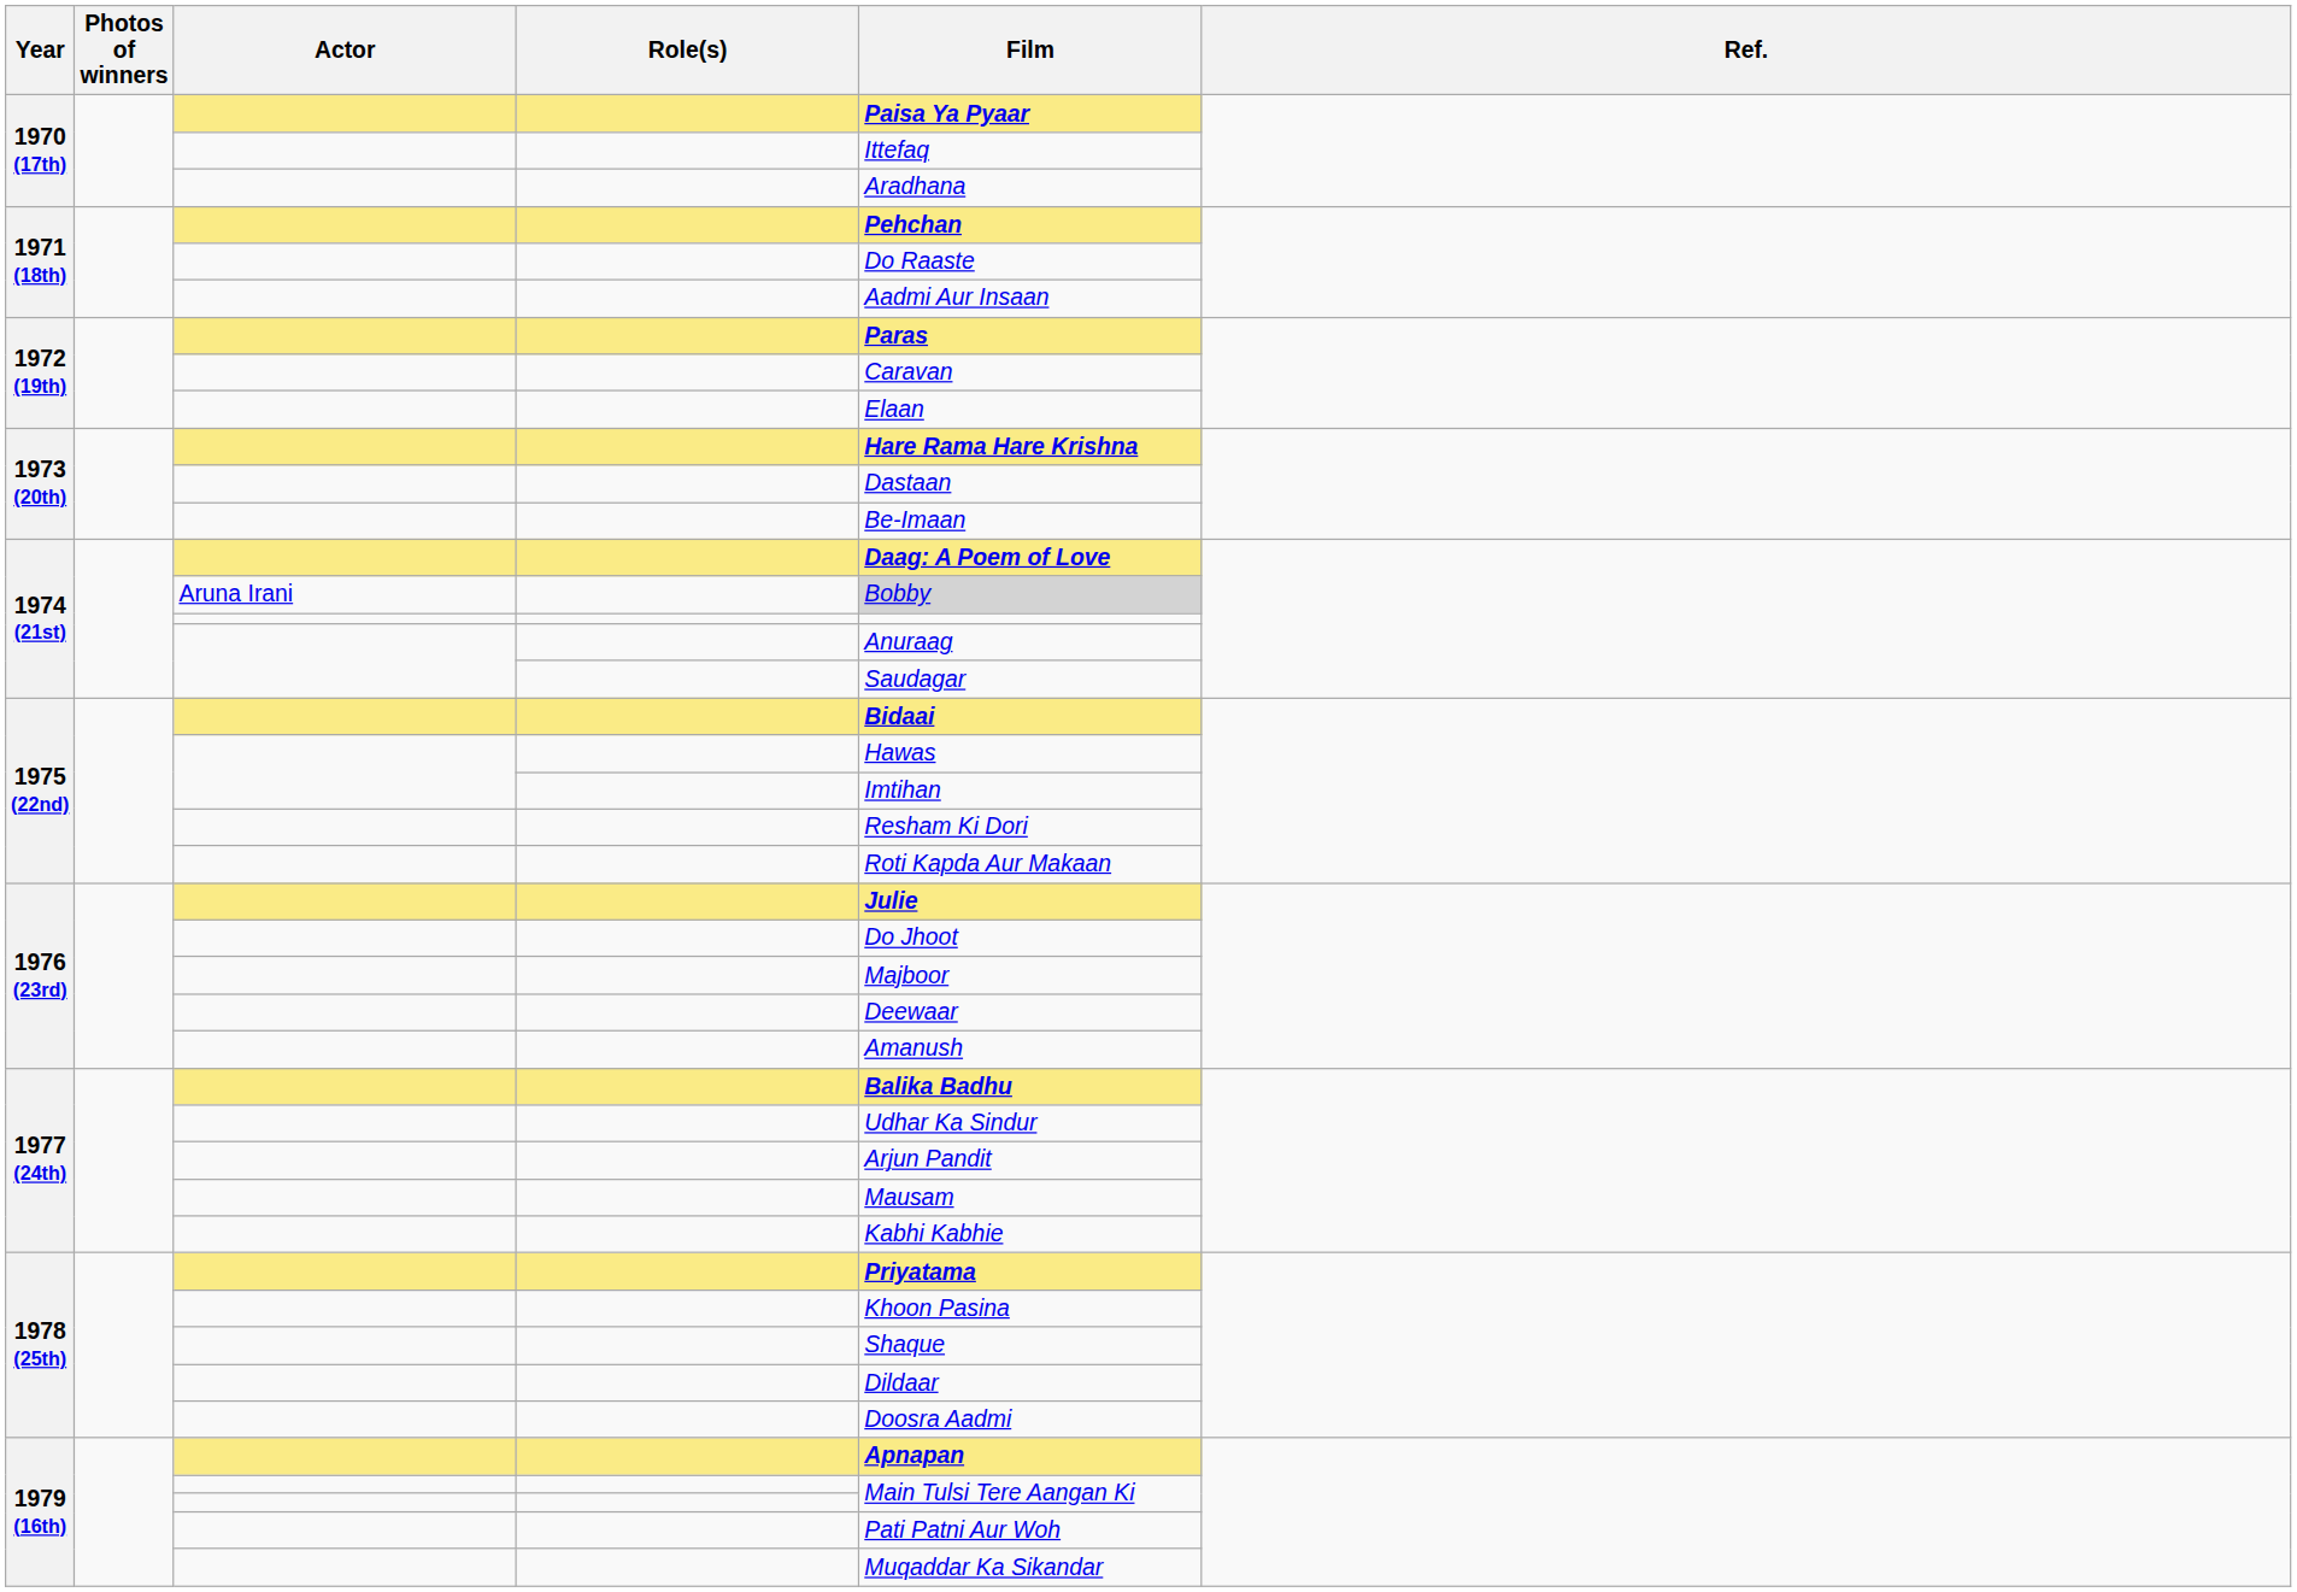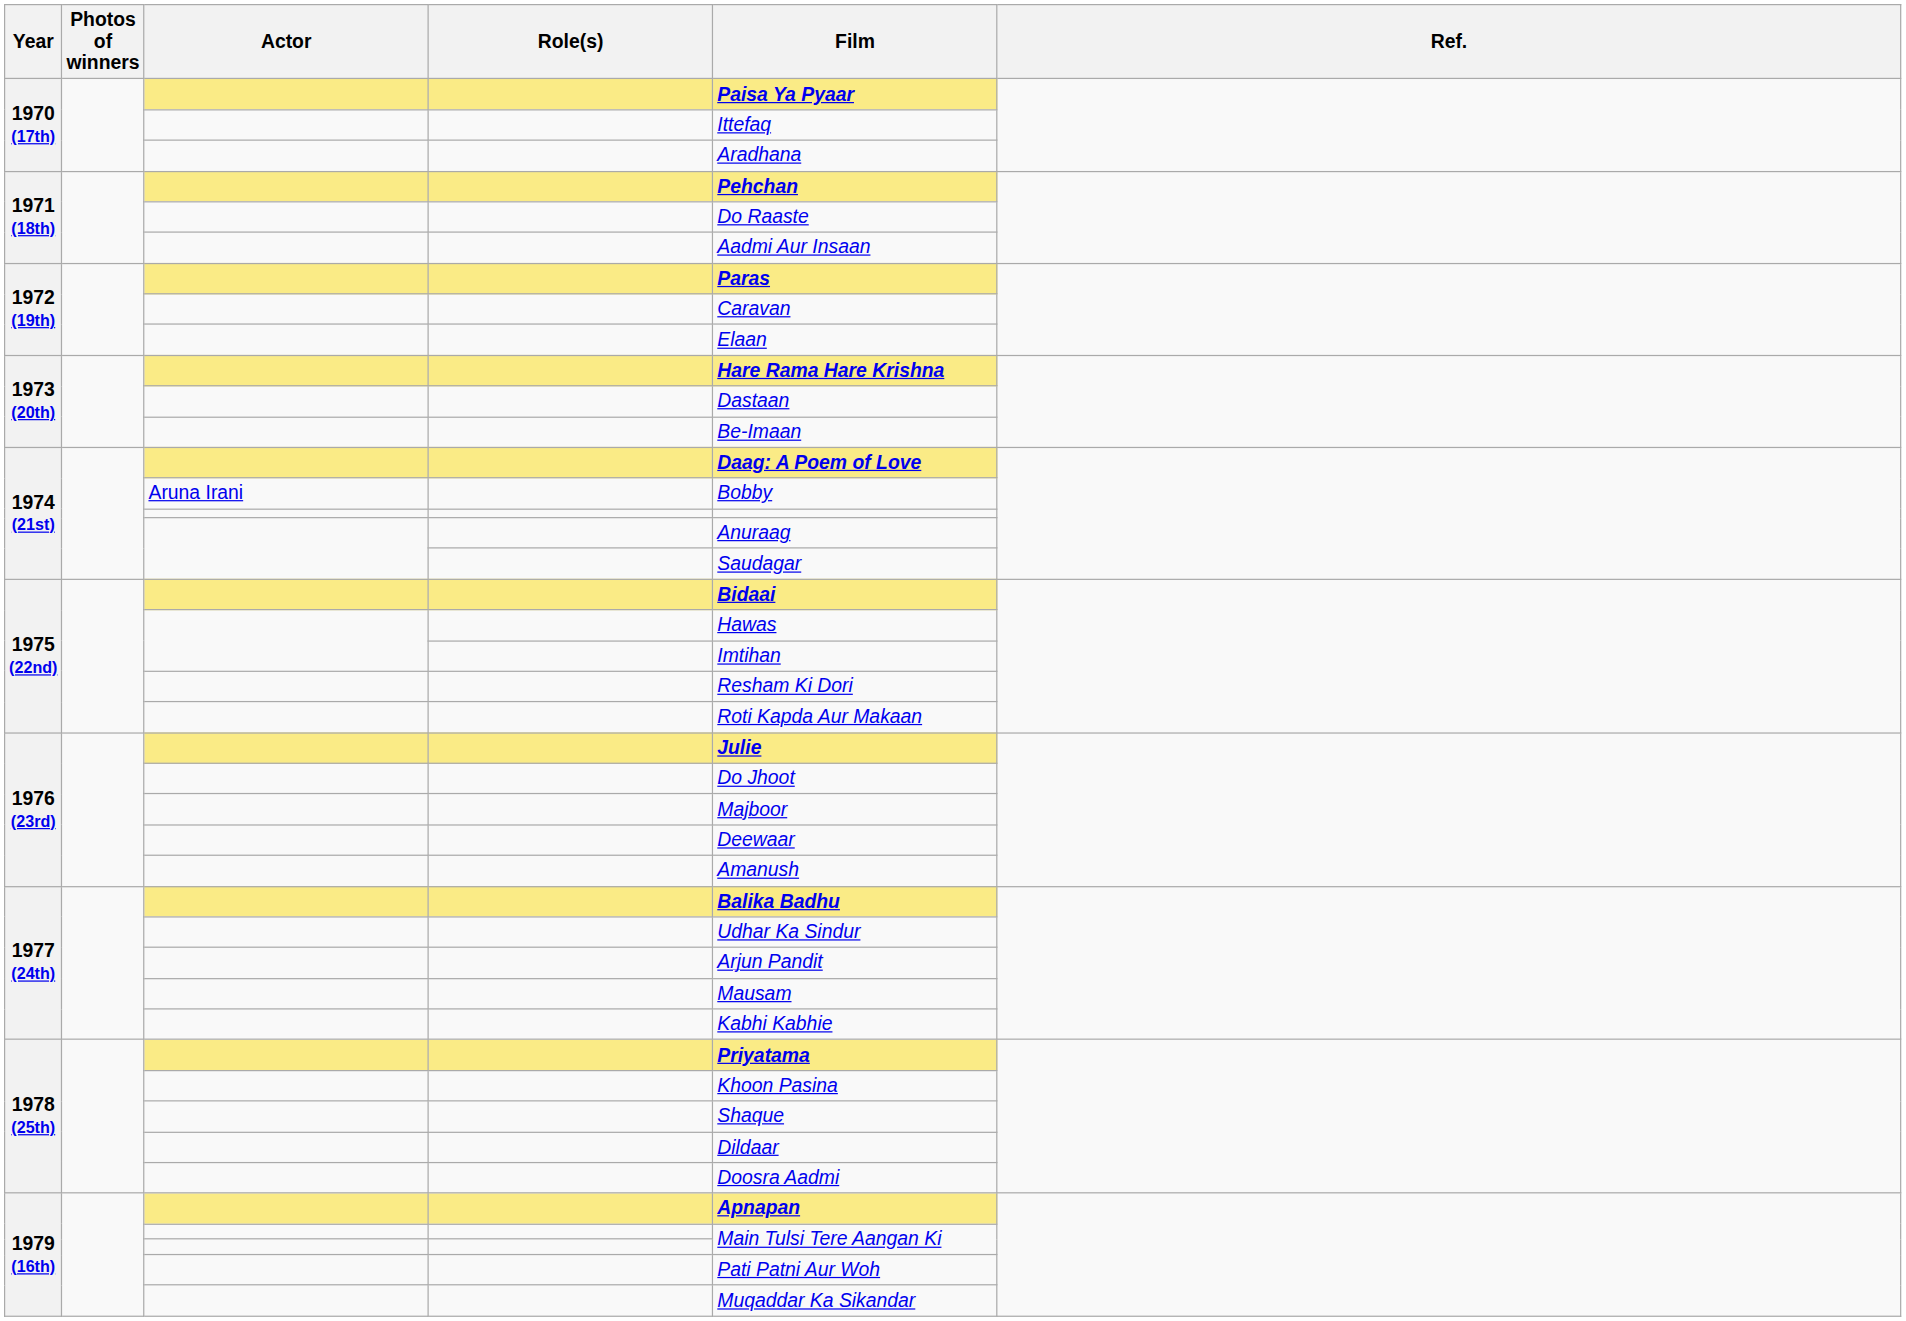 <table class="wikitable sortable" style="text-align:left;">
 <tr>
 <th scope="col" style="width:3%; text-align:center;">Year</th>
 <th scope="col" style="width:3%;text-align:center;">Photos of winners</th>
 <th scope="col" style="width:15%;text-align:center;">Actor</th>
 <th scope="col" style="width:15%;text-align:center;">Role(s)</th>
 <th scope="col" style="width:15%;text-align:center;">Film</th>
 <th>Ref.</th>
 </tr>
 <tr>
 <th scope="row" rowspan=3 style="text-align:center">1970 <br><small><a href='#'>(17th)</a> </small></th>
 <td rowspan=3 style="text-align:center"></td>
 <td style="background:#FAEB86;"><strong></strong> </td>
 <td style="background:#FAEB86;"><strong></strong></td>
 <td style="background:#FAEB86;"><strong><em><a href='#'>Paisa Ya Pyaar</a></em></strong></td>
 <td rowspan="3"></td>
 </tr>
 <tr>
 <td></td>
 <td></td>
 <td><em><a href='#'>Ittefaq</a></em></td>
 </tr>
 <tr>
 <td></td>
 <td></td>
 <td><em><a href='#'>Aradhana</a></em></td>
 </tr>
 <tr>
 <th scope="row" rowspan=3 style="text-align:center">1971 <br><small><a href='#'>(18th)</a> </small></th>
 <td rowspan=3 style="text-align:center"></td>
 <td style="background:#FAEB86;"><strong></strong> </td>
 <td style="background:#FAEB86;"><strong></strong></td>
 <td style="background:#FAEB86;"><strong><em><a href='#'>Pehchan</a></em></strong></td>
 <td rowspan="3"></td>
 </tr>
 <tr>
 <td></td>
 <td></td>
 <td><em><a href='#'>Do Raaste</a></em></td>
 </tr>
 <tr>
 <td></td>
 <td></td>
 <td><em><a href='#'>Aadmi Aur Insaan</a></em></td>
 </tr>
 <tr>
 <th scope="row" rowspan=3 style="text-align:center">1972<br><small><a href='#'>(19th)</a></small></th>
 <td rowspan=3 style="text-align:center"></td>
 <td style="background:#FAEB86;"><strong></strong> </td>
 <td style="background:#FAEB86;"><strong></strong></td>
 <td style="background:#FAEB86;"><strong><em><a href='#'>Paras</a></em></strong></td>
 <td rowspan="3"></td>
 </tr>
 <tr>
 <td></td>
 <td></td>
 <td><em><a href='#'>Caravan</a></em></td>
 </tr>
 <tr>
 <td></td>
 <td></td>
 <td><em><a href='#'>Elaan</a></em></td>
 </tr>
 <tr>
 <th scope="row" rowspan=3 style="text-align:center">1973<br><small><a href='#'>(20th)</a></small></th>
 <td rowspan=3 style="text-align:center"></td>
 <td style="background:#FAEB86;"><strong></strong> </td>
 <td style="background:#FAEB86;"><strong></strong></td>
 <td style="background:#FAEB86;"><strong><em><a href='#'>Hare Rama Hare Krishna</a></em></strong></td>
 <td rowspan="3"></td>
 </tr>
 <tr>
 <td></td>
 <td></td>
 <td><em><a href='#'>Dastaan</a></em></td>
 </tr>
 <tr>
 <td></td>
 <td></td>
 <td><em><a href='#'>Be-Imaan</a></em></td>
 </tr>
 <tr>
 <th scope="row" rowspan=5 style="text-align:center">1974<br><small><a href='#'>(21st)</a></small></th>
 <td rowspan=5 style="text-align:center"></td>
 <td style="background:#FAEB86;"><strong></strong> </td>
 <td style="background:#FAEB86;"><strong></strong></td>
 <td style="background:#FAEB86;"><strong><em><a href='#'>Daag: A Poem of Love</a></em></strong></td>
 <td rowspan="5"></td>
 </tr>
 <tr>
 <td><a href='#'>Aruna Irani</a></td>
 <td></td>
-<td style="background: lightgrey;"><em><a href='#'>Bobby</a></em></td>
+<td><em><a href='#'>Bobby</a></em></td>
 </tr>
 <tr>
 <td></td>
 <td></td>
 <td></td>
 </tr>
 <tr>
 <td rowspan=2></td>
 <td></td>
 <td><em><a href='#'>Anuraag</a></em></td>
 </tr>
 <tr>
 <td></td>
 <td><em><a href='#'>Saudagar</a></em></td>
 </tr>
 <tr>
 <th scope="row" rowspan=5 style="text-align:center">1975<br><small><a href='#'>(22nd)</a></small></th>
 <td rowspan=5 style="text-align:center"></td>
 <td style="background:#FAEB86;"><strong></strong> </td>
 <td style="background:#FAEB86;"><strong></strong></td>
 <td style="background:#FAEB86;"><strong><em><a href='#'>Bidaai</a></em></strong></td>
 <td rowspan="5"></td>
 </tr>
 <tr>
 <td rowspan=2></td>
 <td></td>
 <td><em><a href='#'>Hawas</a></em></td>
 </tr>
 <tr>
 <td></td>
 <td><em><a href='#'>Imtihan</a></em></td>
 </tr>
 <tr>
 <td></td>
 <td></td>
 <td><em><a href='#'>Resham Ki Dori</a></em></td>
 </tr>
 <tr>
 <td></td>
 <td></td>
 <td><em><a href='#'>Roti Kapda Aur Makaan</a></em></td>
 </tr>
 <tr>
 <th scope="row" rowspan=5 style="text-align:center">1976<br><small><a href='#'>(23rd)</a></small></th>
 <td rowspan=5 style="text-align:center"></td>
 <td style="background:#FAEB86;"><strong></strong> </td>
 <td style="background:#FAEB86;"><strong></strong></td>
 <td style="background:#FAEB86;"><strong><em><a href='#'>Julie</a></em></strong></td>
 <td rowspan="5"></td>
 </tr>
 <tr>
 <td></td>
 <td></td>
 <td><em><a href='#'>Do Jhoot</a></em></td>
 </tr>
 <tr>
 <td></td>
 <td></td>
 <td><em><a href='#'>Majboor</a></em></td>
 </tr>
 <tr>
 <td></td>
 <td></td>
 <td><em><a href='#'>Deewaar</a></em></td>
 </tr>
 <tr>
 <td></td>
 <td></td>
 <td><em><a href='#'>Amanush</a></em></td>
 </tr>
 <tr>
 <th scope="row" rowspan=5 style="text-align:center">1977<br><small><a href='#'>(24th)</a></small></th>
 <td rowspan=5 style="text-align:center"></td>
 <td style="background:#FAEB86;"><strong></strong> </td>
 <td style="background:#FAEB86;"><strong></strong></td>
 <td style="background:#FAEB86;"><strong><em><a href='#'>Balika Badhu</a></em></strong></td>
 <td rowspan="5"></td>
 </tr>
 <tr>
 <td></td>
 <td></td>
 <td><em><a href='#'>Udhar Ka Sindur</a></em></td>
 </tr>
 <tr>
 <td></td>
 <td></td>
 <td><em><a href='#'>Arjun Pandit</a></em></td>
 </tr>
 <tr>
 <td></td>
 <td></td>
 <td><em><a href='#'>Mausam</a></em></td>
 </tr>
 <tr>
 <td></td>
 <td></td>
 <td><em><a href='#'>Kabhi Kabhie</a></em></td>
 </tr>
 <tr>
 <th scope="row" rowspan=5 style="text-align:center">1978<br><small><a href='#'>(25th)</a></small></th>
 <td rowspan=5 style="text-align:center"></td>
 <td style="background:#FAEB86;"><strong></strong> </td>
 <td style="background:#FAEB86;"><strong></strong></td>
 <td style="background:#FAEB86;"><strong><em><a href='#'>Priyatama</a></em></strong></td>
 <td rowspan="5"></td>
 </tr>
 <tr>
 <td></td>
 <td></td>
 <td><em><a href='#'>Khoon Pasina</a></em></td>
 </tr>
 <tr>
 <td></td>
 <td></td>
 <td><em><a href='#'>Shaque</a></em></td>
 </tr>
 <tr>
 <td></td>
 <td></td>
 <td><em><a href='#'>Dildaar</a></em></td>
 </tr>
 <tr>
 <td></td>
 <td></td>
 <td><em><a href='#'>Doosra Aadmi</a></em></td>
 </tr>
 <tr>
 <th scope="row" rowspan=5 style="text-align:center">1979<br><small><a href='#'>(16th)</a></small></th>
 <td rowspan=5 style="text-align:center"></td>
 <td style="background:#FAEB86;"><strong></strong> </td>
 <td style="background:#FAEB86;"><strong></strong></td>
 <td style="background:#FAEB86;"><strong><em><a href='#'>Apnapan</a></em></strong></td>
 <td rowspan="5"></td>
 </tr>
 <tr>
 <td></td>
 <td></td>
 <td rowspan="2"><em><a href='#'>Main Tulsi Tere Aangan Ki</a></em></td>
 </tr>
 <tr>
 <td></td>
 <td></td>
 </tr>
 <tr>
 <td></td>
 <td></td>
 <td><em><a href='#'>Pati Patni Aur Woh</a></em></td>
 </tr>
 <tr>
 <td></td>
 <td></td>
 <td><em><a href='#'>Muqaddar Ka Sikandar</a></em></td>
 </tr>
 </table>
